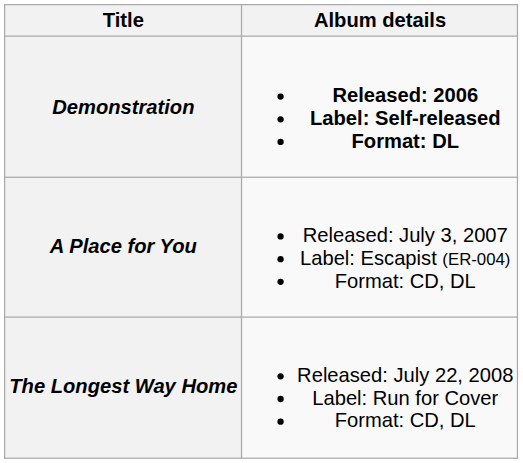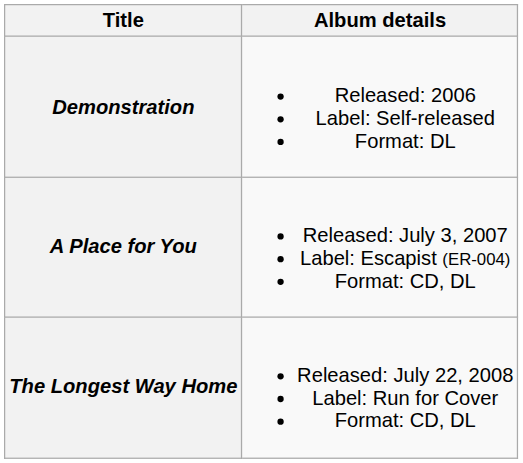 <table class="wikitable plainrowheaders" style="text-align:center;">
 <tr>
 <th scope="col" rowspan="1">Title</th>
 <th scope="col" rowspan="1">Album details</th>
 </tr>
 <tr>
 <th scope="row"><em>Demonstration</em></th>
-<td><strong><br><ul><li>Released: 2006</li><li>Label: Self-released</li><li>Format: DL</li></ul></strong></td>
+<td><br><ul><li>Released: 2006</li><li>Label: Self-released</li><li>Format: DL</li></ul></td>
 </tr>
 <tr>
 <th scope="row"><em>A Place for You</em></th>
 <td><br><ul><li>Released: July 3, 2007</li><li>Label: Escapist <small>(ER-004)</small></li><li>Format: CD, DL</li></ul></td>
 </tr>
 <tr>
 <th scope="row"><em>The Longest Way Home</em></th>
 <td><br><ul><li>Released: July 22, 2008</li><li>Label: Run for Cover</li><li>Format: CD, DL</li></ul></td>
 </tr>
 </table>
